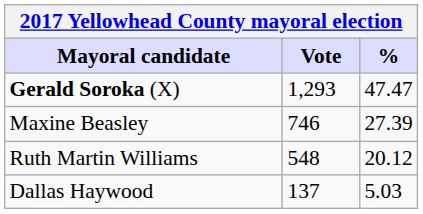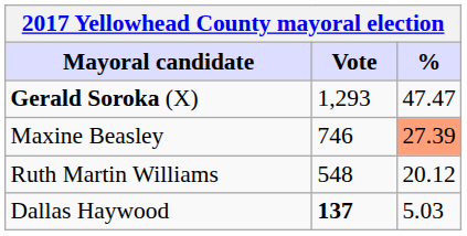 <table class="wikitable">
 <tr>
 <th colspan="3"><a href='#'>2017 Yellowhead County mayoral election</a></th>
 </tr>
 <tr>
 <th style="background:#ddf; width:200px;">Mayoral candidate</th>
 <th style="background:#ddf; width:50px;">Vote</th>
 <th style="background:#ddf; width:30px;">%</th>
 </tr>
 <tr>
 <td><strong>Gerald Soroka</strong> (X)</td>
 <td>1,293</td>
 <td>47.47</td>
 </tr>
 <tr>
 <td>Maxine Beasley</td>
 <td>746</td>
-<td>27.39</td>
+<td style="background: lightsalmon;">27.39</td>
 </tr>
 <tr>
 <td>Ruth Martin Williams</td>
 <td>548</td>
 <td>20.12</td>
 </tr>
 <tr>
 <td>Dallas Haywood</td>
-<td>137</td>
+<td><strong>137</strong></td>
 <td>5.03</td>
 </tr>
 </table>
